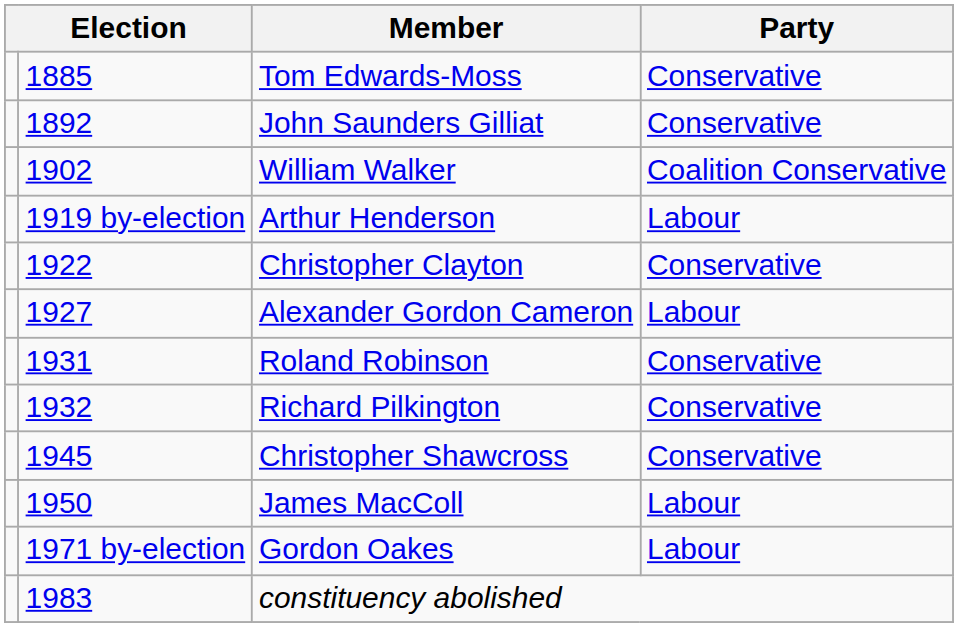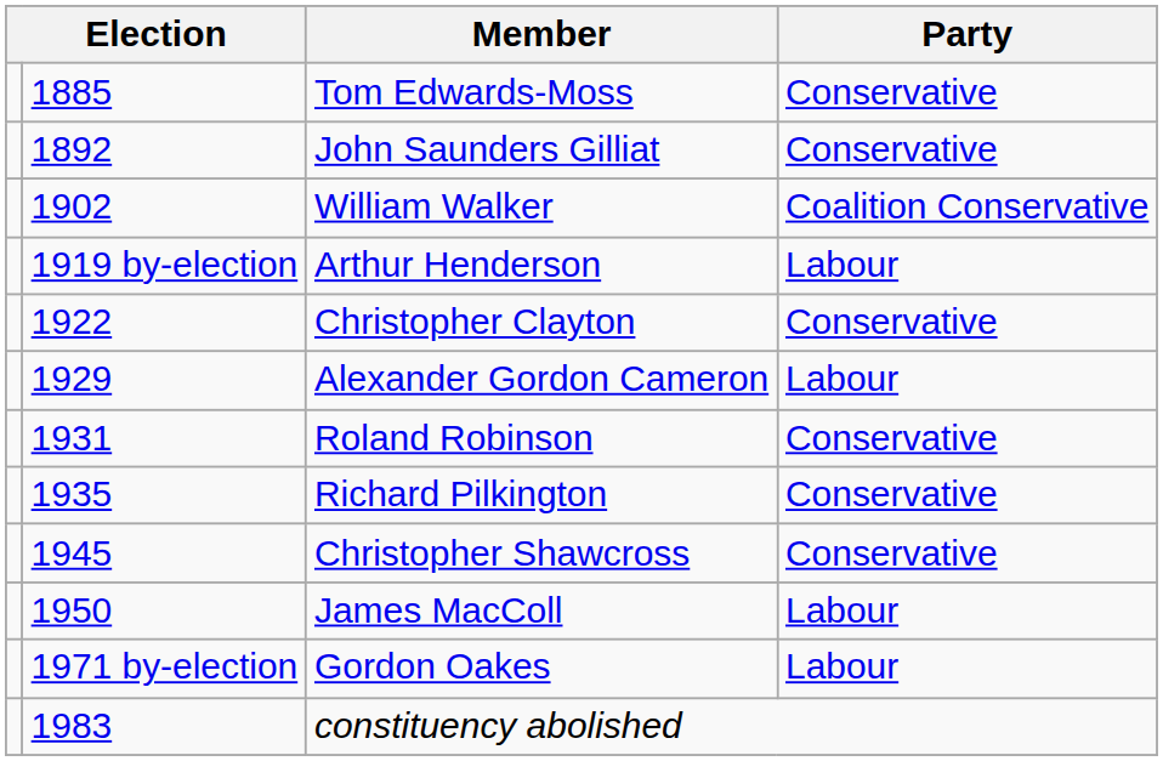 <table class="wikitable">
 <tr>
 <th colspan="2">Election</th>
 <th>Member</th>
 <th>Party</th>
 </tr>
 <tr>
 <td style="color:inherit;background-color: "></td>
 <td><a href='#'>1885</a></td>
 <td><a href='#'>Tom Edwards-Moss</a></td>
 <td><a href='#'>Conservative</a></td>
 </tr>
 <tr>
 <td style="color:inherit;background-color: "></td>
 <td><a href='#'>1892</a></td>
 <td><a href='#'>John Saunders Gilliat</a></td>
 <td><a href='#'>Conservative</a></td>
 </tr>
 <tr>
 <td style="color:inherit;background-color: "></td>
 <td><a href='#'>1902</a></td>
 <td><a href='#'>William Walker</a></td>
 <td><a href='#'>Coalition Conservative</a></td>
 </tr>
 <tr>
 <td style="color:inherit;background-color: "></td>
 <td><a href='#'>1919 by-election</a></td>
 <td><a href='#'>Arthur Henderson</a></td>
 <td><a href='#'>Labour</a></td>
 </tr>
 <tr>
 <td style="color:inherit;background-color: "></td>
 <td><a href='#'>1922</a></td>
 <td><a href='#'>Christopher Clayton</a></td>
 <td><a href='#'>Conservative</a></td>
 </tr>
 <tr>
 <td style="color:inherit;background-color: "></td>
-<td><a href='#'>1927</a></td>
+<td><a href='#'>1929</a></td>
 <td><a href='#'>Alexander Gordon Cameron</a></td>
 <td><a href='#'>Labour</a></td>
 </tr>
 <tr>
 <td style="color:inherit;background-color: "></td>
 <td><a href='#'>1931</a></td>
 <td><a href='#'>Roland Robinson</a></td>
 <td><a href='#'>Conservative</a></td>
 </tr>
 <tr>
 <td style="color:inherit;background-color: "></td>
-<td><a href='#'>1932</a></td>
+<td><a href='#'>1935</a></td>
 <td><a href='#'>Richard Pilkington</a></td>
 <td><a href='#'>Conservative</a></td>
 </tr>
 <tr>
 <td style="color:inherit;background-color: "></td>
 <td><a href='#'>1945</a></td>
 <td><a href='#'>Christopher Shawcross</a></td>
 <td><a href='#'>Conservative</a></td>
 </tr>
 <tr>
 <td style="color:inherit;background-color: "></td>
 <td><a href='#'>1950</a></td>
 <td><a href='#'>James MacColl</a></td>
 <td><a href='#'>Labour</a></td>
 </tr>
 <tr>
 <td style="color:inherit;background-color: "></td>
 <td><a href='#'>1971 by-election</a></td>
 <td><a href='#'>Gordon Oakes</a></td>
 <td><a href='#'>Labour</a></td>
 </tr>
 <tr>
 <td></td>
 <td><a href='#'>1983</a></td>
 <td colspan="2"><em>constituency abolished</em></td>
 </tr>
 </table>
